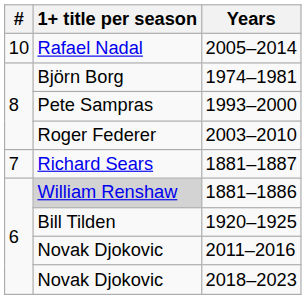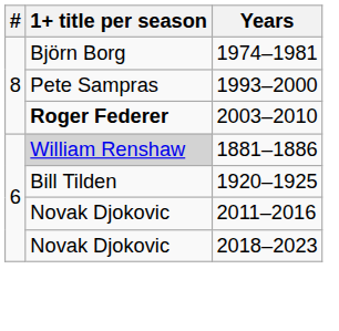 <table class=wikitable style="display:inline-table;">
 <tr>
 <th>#</th>
 <th>1+ title per season</th>
 <th>Years</th>
-</tr>
-<tr>
-<td>10</td>
-<td> <a href='#'>Rafael Nadal</a></td>
-<td>2005–2014</td>
 </tr>
 <tr>
 <td rowspan="3">8</td>
 <td> Björn Borg</td>
 <td>1974–1981</td>
 </tr>
 <tr>
 <td> Pete Sampras</td>
 <td>1993–2000</td>
 </tr>
 <tr>
-<td> Roger Federer</td>
+<td><strong> Roger Federer</strong></td>
 <td>2003–2010</td>
-</tr>
-<tr>
-<td>7</td>
-<td> <a href='#'>Richard Sears</a></td>
-<td>1881–1887</td>
 </tr>
 <tr>
 <td rowspan="4">6</td>
 <td style="background: lightgrey;"> <a href='#'>William Renshaw</a></td>
 <td>1881–1886</td>
 </tr>
 <tr>
 <td> Bill Tilden</td>
 <td>1920–1925</td>
 </tr>
 <tr>
 <td> Novak Djokovic</td>
 <td>2011–2016</td>
 </tr>
 <tr>
 <td> Novak Djokovic </td>
 <td>2018–2023</td>
 </tr>
 </table>
